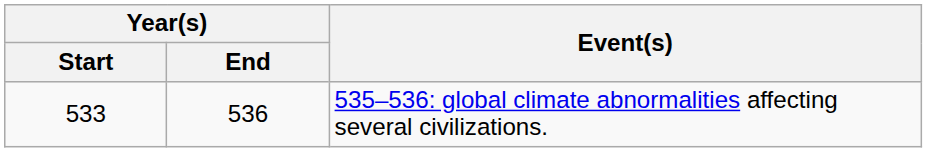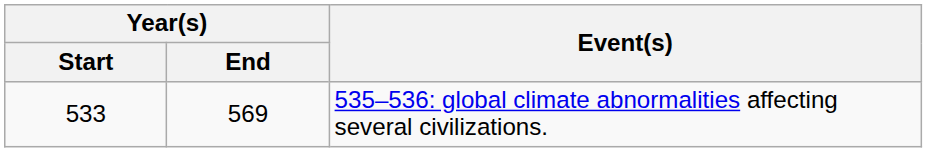 <table class="wikitable">
 <tr>
 <th colspan="2">Year(s)</th>
 <th rowspan="2">Event(s)</th>
 </tr>
 <tr>
 <th style="width:100px;">Start</th>
 <th style="width:100px;">End</th>
 </tr>
 <tr>
 <td style="text-align:center;">533</td>
-<td style="text-align:center;">536</td>
+<td style="text-align:center;">569</td>
 <td><a href='#'>535–536: global climate abnormalities</a> affecting several civilizations.</td>
 </tr>
 </table>
